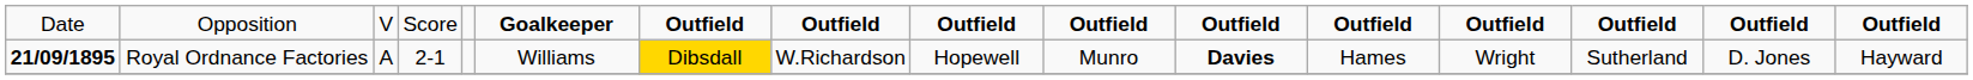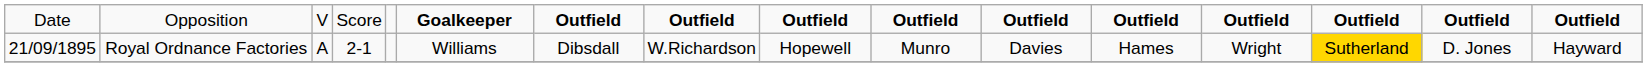 <table class="wikitable" style="font-size: 80%; text-align: center;">
 <tr style="text-align:center;">
 <td style="width:10px;; ">Date</td>
 <td style="width:150px; ">Opposition</td>
 <td style="width:5px;; ">V</td>
 <td style="width:5px;; ">Score</td>
 <td style="width:1px;; text-align:center;"></td>
 <td style="width:95px; "><strong>Goalkeeper</strong></td>
 <td style="width:75px; "><strong>Outfield</strong></td>
 <td style="width:75px; "><strong>Outfield</strong></td>
 <td style="width:75px; "><strong>Outfield</strong></td>
 <td style="width:75px; "><strong>Outfield</strong></td>
 <td style="width:75px; "><strong>Outfield</strong></td>
 <td style="width:75px; "><strong>Outfield</strong></td>
 <td style="width:75px; "><strong>Outfield</strong></td>
 <td style="width:75px; "><strong>Outfield</strong></td>
 <td style="width:75px; "><strong>Outfield</strong></td>
 <td style="width:75px; "><strong>Outfield</strong></td>
 </tr>
 <tr>
-<td><strong>21/09/1895</strong></td>
+<td>21/09/1895</td>
 <td>Royal Ordnance Factories</td>
 <td>A</td>
 <td>2-1</td>
 <td></td>
 <td>Williams</td>
-<td style="background: gold;">Dibsdall</td>
+<td>Dibsdall</td>
 <td>W.Richardson</td>
 <td>Hopewell</td>
 <td>Munro</td>
-<td><strong>Davies</strong></td>
+<td>Davies</td>
 <td>Hames</td>
 <td>Wright</td>
-<td>Sutherland</td>
+<td style="background: gold;">Sutherland</td>
 <td>D. Jones</td>
 <td>Hayward</td>
 </tr>
 <tr>
 </tr>
 </table>
